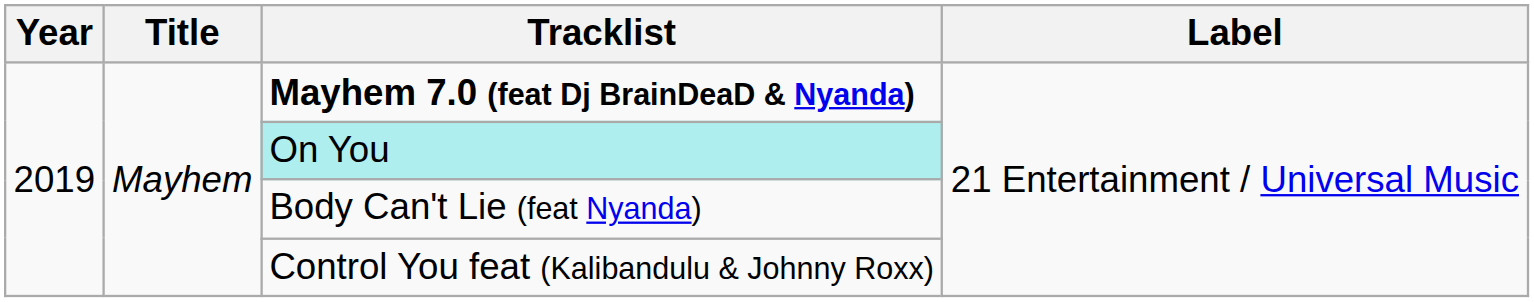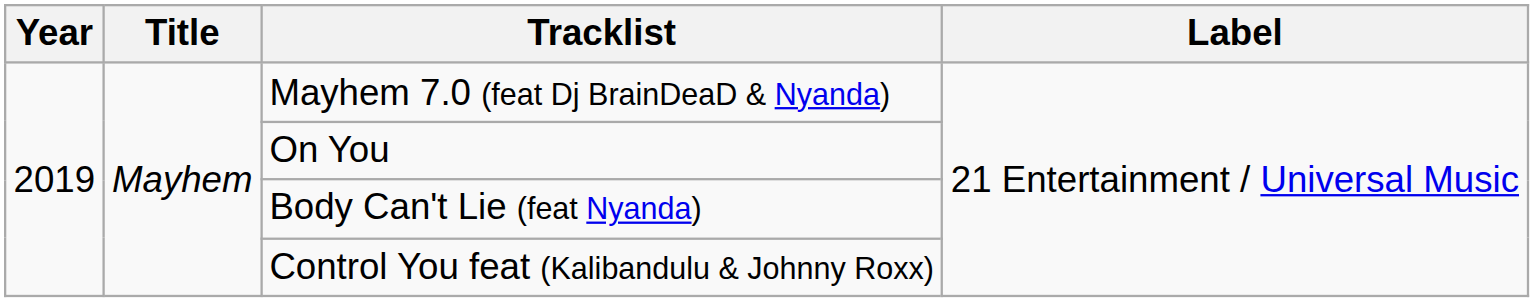 <table class="wikitable">
 <tr>
 <th>Year</th>
 <th>Title</th>
 <th>Tracklist</th>
 <th>Label</th>
 </tr>
 <tr>
 <td rowspan = 4>2019</td>
 <td rowspan = 4><em>  Mayhem  </em></td>
-<td><strong>Mayhem 7.0 <small>(feat Dj BrainDeaD & <a href='#'>Nyanda</a>)</small></strong></td>
+<td>Mayhem 7.0 <small>(feat Dj BrainDeaD & <a href='#'>Nyanda</a>)</small></td>
 <td rowspan = 4>21 Entertainment / <a href='#'>Universal Music</a></td>
 </tr>
 <tr>
-<td style="background: paleturquoise;">On You</td>
+<td>On You</td>
 </tr>
 <tr>
 <td>Body Can't Lie <small>(feat <a href='#'>Nyanda</a>)</small></td>
 </tr>
 <tr>
 <td>Control You feat <small>(Kalibandulu & Johnny Roxx)</small></td>
 </tr>
 </table>
